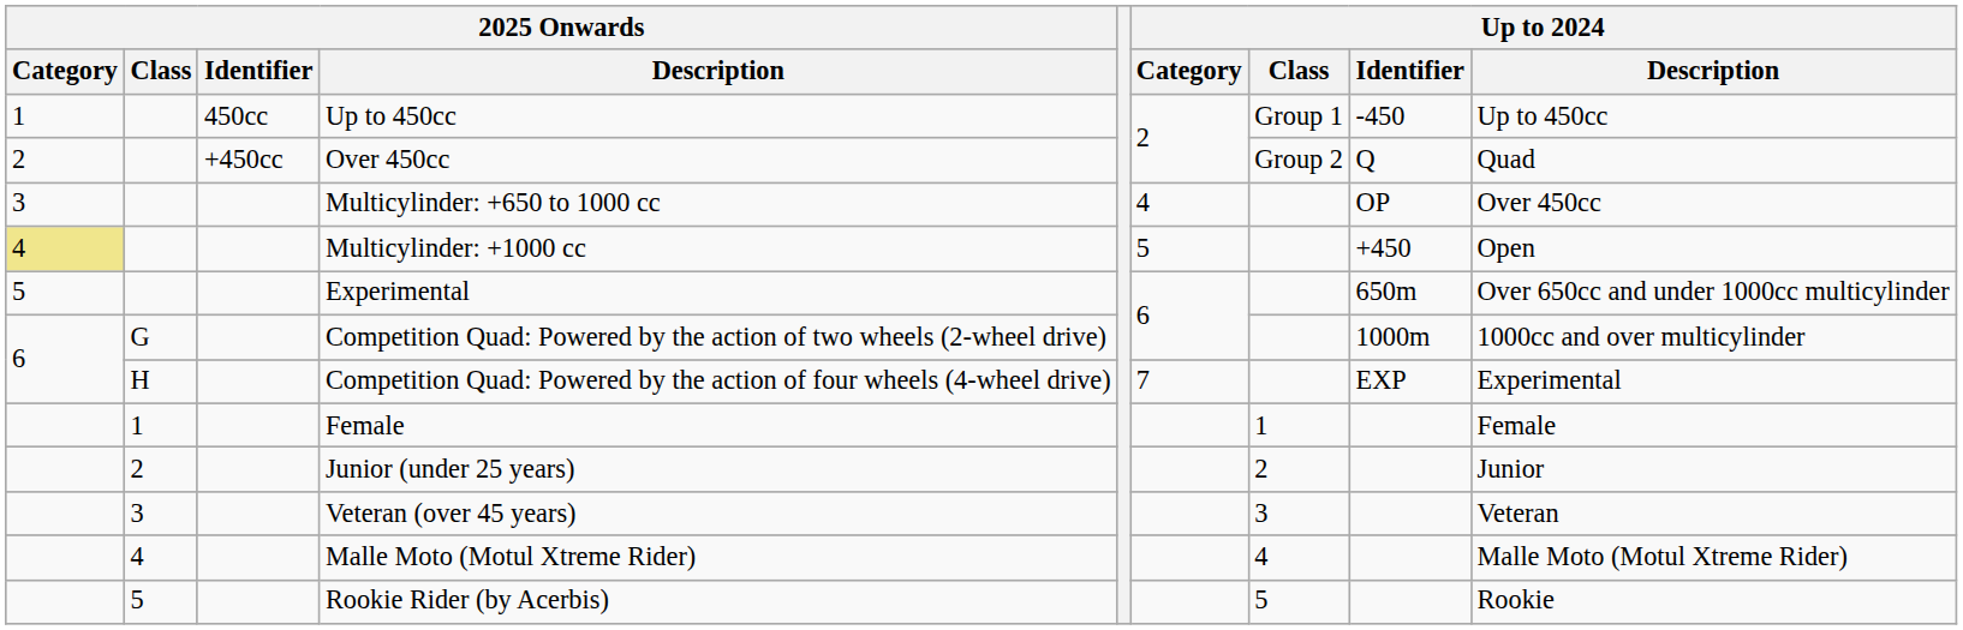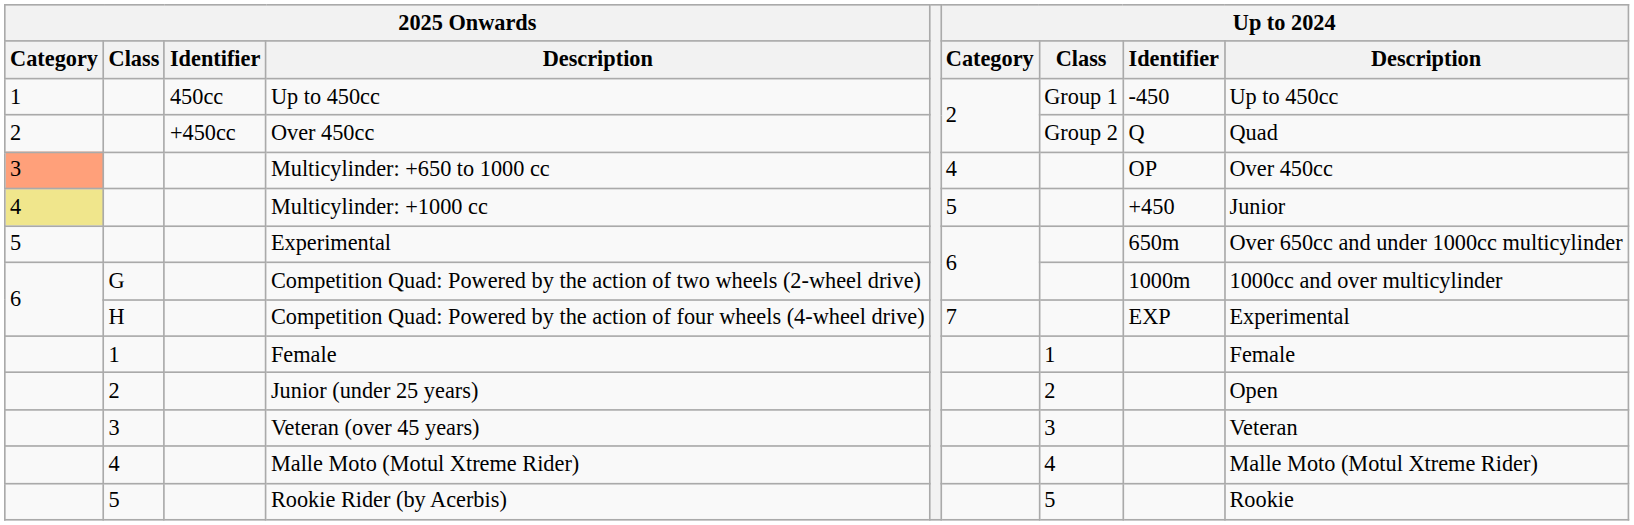 <table class="wikitable" style="font-size:85%;">
 <tr>
 <th colspan="4">2025 Onwards</th>
 <th rowspan="14"></th>
 <th colspan="4">Up to 2024</th>
 </tr>
 <tr>
 <th>Category</th>
 <th>Class</th>
 <th>Identifier</th>
 <th>Description</th>
 <th>Category</th>
 <th>Class</th>
 <th>Identifier</th>
 <th>Description</th>
 </tr>
 <tr>
 <td>1</td>
 <td></td>
 <td>450cc</td>
 <td>Up to 450cc</td>
 <td rowspan="2">2</td>
 <td>Group 1</td>
 <td>-450</td>
 <td>Up to 450cc</td>
 </tr>
 <tr>
 <td>2</td>
 <td></td>
 <td>+450cc</td>
 <td>Over 450cc</td>
 <td>Group 2</td>
 <td>Q</td>
 <td>Quad</td>
 </tr>
 <tr>
-<td>3</td>
+<td style="background: lightsalmon;">3</td>
 <td></td>
 <td></td>
 <td>Multicylinder: +650 to 1000 cc</td>
 <td>4</td>
 <td></td>
 <td>OP</td>
 <td>Over 450cc</td>
 </tr>
 <tr>
 <td style="background: khaki;">4</td>
 <td></td>
 <td></td>
 <td>Multicylinder: +1000 cc</td>
 <td>5</td>
 <td></td>
 <td>+450</td>
-<td>Open</td>
+<td>Junior</td>
 </tr>
 <tr>
 <td>5</td>
 <td></td>
 <td></td>
 <td>Experimental</td>
 <td rowspan="2">6</td>
 <td></td>
 <td>650m</td>
 <td>Over 650cc and under 1000cc multicylinder</td>
 </tr>
 <tr>
 <td rowspan="2">6</td>
 <td>G</td>
 <td></td>
 <td>Competition Quad: Powered by the action of two wheels (2-wheel drive)</td>
 <td></td>
 <td>1000m</td>
 <td>1000cc and over multicylinder</td>
 </tr>
 <tr>
 <td>H</td>
 <td></td>
 <td>Competition Quad: Powered by the action of four wheels (4-wheel drive)</td>
 <td>7</td>
 <td></td>
 <td>EXP</td>
 <td>Experimental</td>
 </tr>
 <tr>
 <td></td>
 <td>1</td>
 <td></td>
 <td>Female</td>
 <td></td>
 <td>1</td>
 <td></td>
 <td>Female</td>
 </tr>
 <tr>
 <td></td>
 <td>2</td>
 <td></td>
 <td>Junior (under 25 years)</td>
 <td></td>
 <td>2</td>
 <td></td>
-<td>Junior</td>
+<td>Open</td>
 </tr>
 <tr>
 <td></td>
 <td>3</td>
 <td></td>
 <td>Veteran (over 45 years)</td>
 <td></td>
 <td>3</td>
 <td></td>
 <td>Veteran</td>
 </tr>
 <tr>
 <td></td>
 <td>4</td>
 <td></td>
 <td>Malle Moto (Motul Xtreme Rider)</td>
 <td></td>
 <td>4</td>
 <td></td>
 <td>Malle Moto (Motul Xtreme Rider)</td>
 </tr>
 <tr>
 <td></td>
 <td>5</td>
 <td></td>
 <td>Rookie Rider (by Acerbis)</td>
 <td></td>
 <td>5</td>
 <td></td>
 <td>Rookie</td>
 </tr>
 </table>
